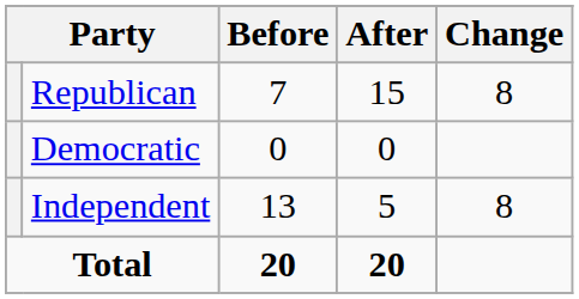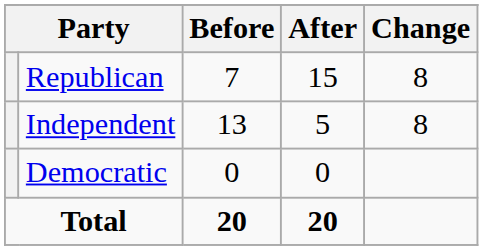 <table class="wikitable" style="text-align:center;">
 <tr>
 </tr>
 <tr>
 <th colspan=2>Party</th>
 <th>Before</th>
 <th>After</th>
 <th>Change</th>
 </tr>
 <tr>
 <th style="background-color:"></th>
 <td style="text-align:left;"><a href='#'>Republican</a></td>
 <td>7</td>
 <td>15</td>
 <td> 8</td>
 </tr>
 <tr>
 <th style="background-color:"></th>
+<td style="text-align:left;"><a href='#'>Independent</a></td>
+<td>13</td>
+<td>5</td>
+<td> 8</td>
+</tr>
+<tr>
+<th style="background-color:"></th>
 <td style="text-align:left;"><a href='#'>Democratic</a></td>
 <td>0</td>
 <td>0</td>
 <td></td>
-</tr>
-<tr>
-<th style="background-color:"></th>
-<td style="text-align:left;"><a href='#'>Independent</a></td>
-<td>13</td>
-<td>5</td>
-<td> 8</td>
 </tr>
 <tr>
 <td colspan=2><strong>Total</strong></td>
 <td><strong>20</strong></td>
 <td><strong>20</strong></td>
 <td></td>
 </tr>
 </table>
